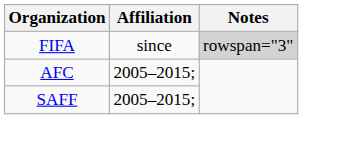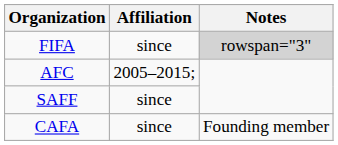 <table class="wikitable" style="text-align: center;">
 <tr>
 <th>Organization</th>
 <th>Affiliation</th>
 <th>Notes</th>
 </tr>
 <tr>
 <td><a href='#'>FIFA</a></td>
 <td>since </td>
 <td style="background: lightgrey;">rowspan="3" </td>
 </tr>
 <tr>
 <td><a href='#'>AFC</a></td>
 <td>2005–2015; </td>
 </tr>
 <tr>
 <td><a href='#'>SAFF</a></td>
-<td>2005–2015; </td>
+<td>since </td>
+</tr>
+<tr>
+<td><a href='#'>CAFA</a></td>
+<td>since </td>
+<td>Founding member</td>
 </tr>
 </table>
